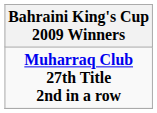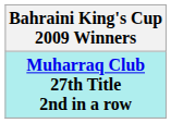 <table class="wikitable" style="text-align: center; margin: 0 auto;">
 <tr>
 <th>Bahraini King's Cup <br>2009 Winners</th>
 </tr>
 <tr>
-<td><strong><a href='#'>Muharraq Club</a></strong><br><strong>27th Title</strong> <br> <strong>2nd in a row</strong></td>
+<td style="background: paleturquoise;"><strong><a href='#'>Muharraq Club</a></strong><br><strong>27th Title</strong> <br> <strong>2nd in a row</strong></td>
 </tr>
 <tr>
 </tr>
 </table>
